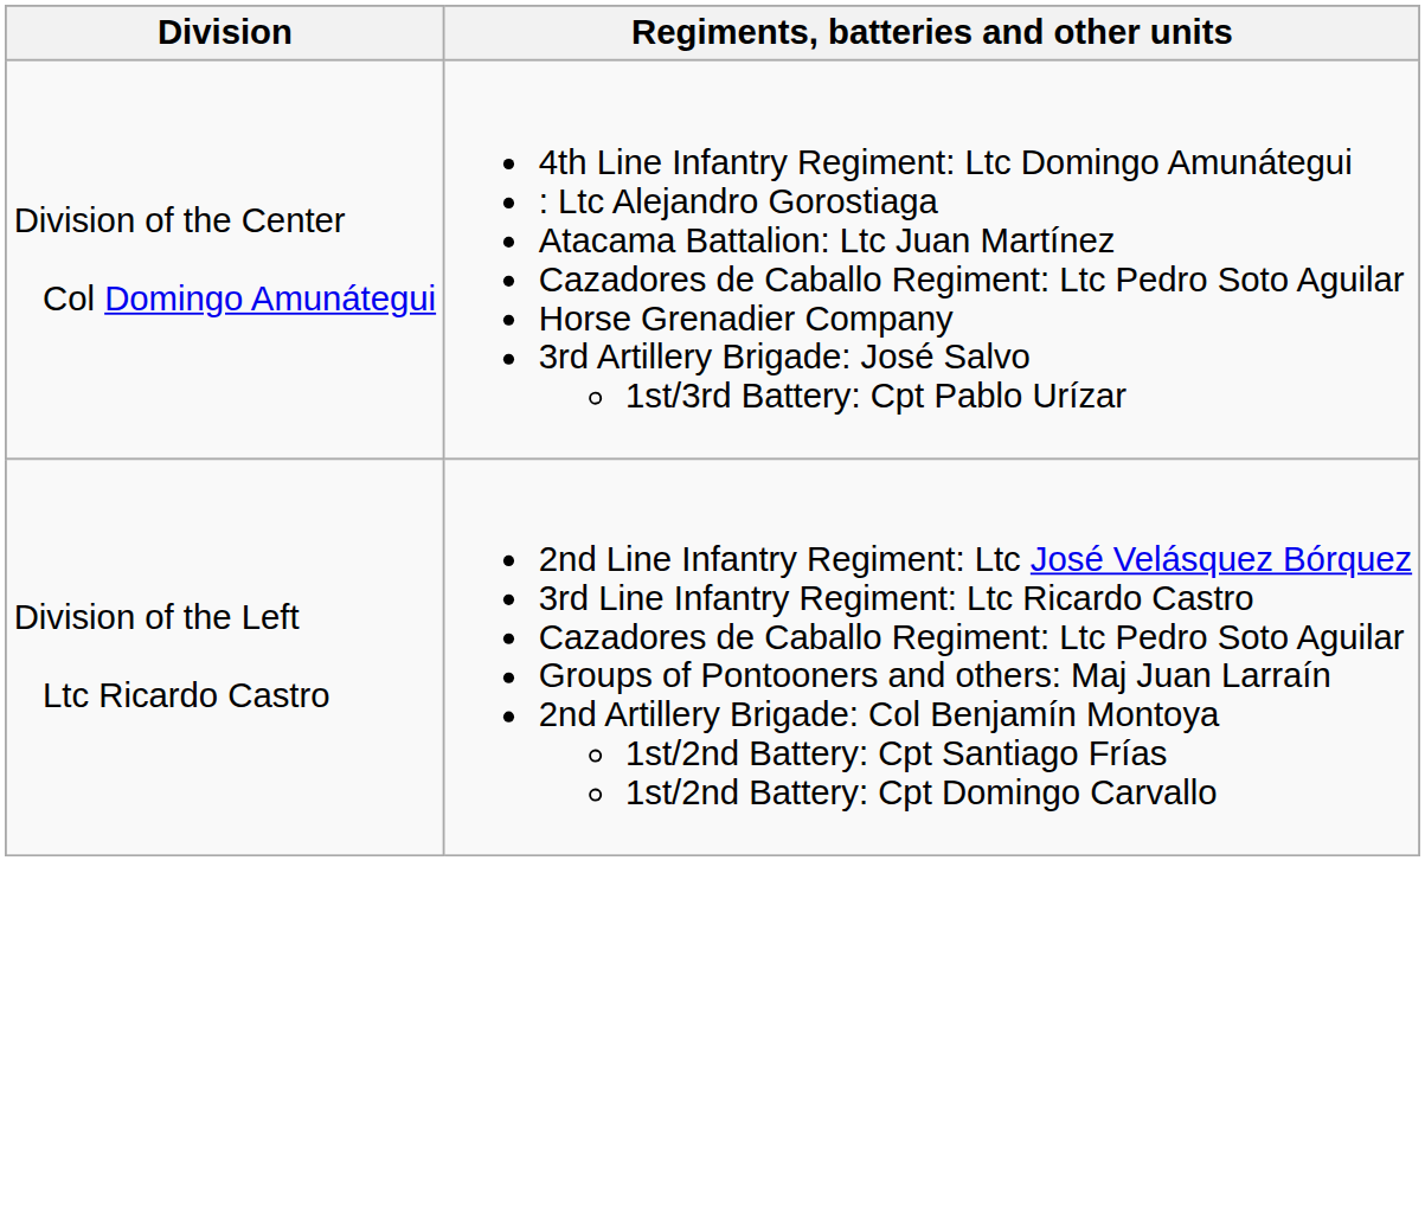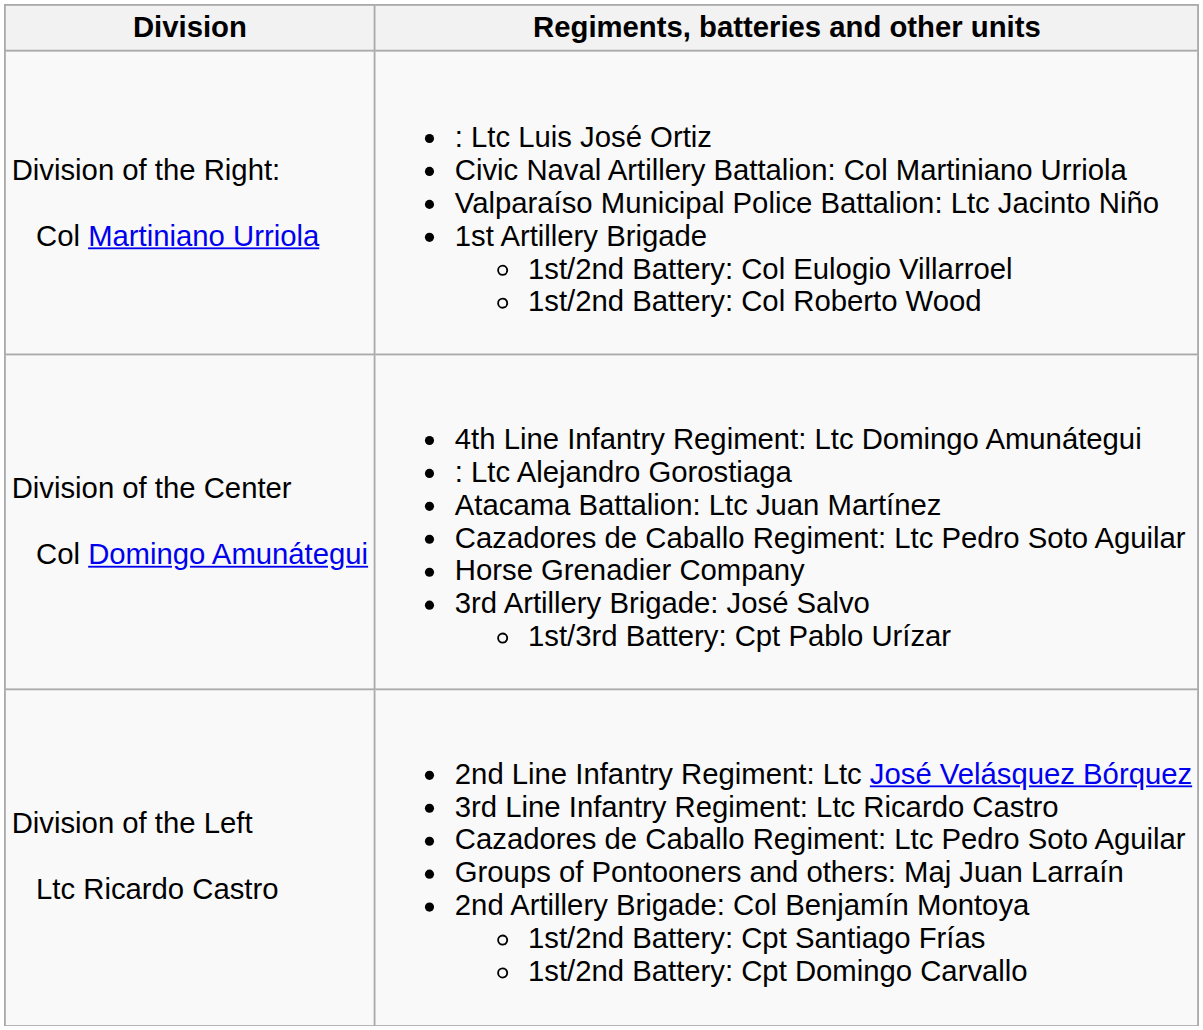 <table class="wikitable">
 <tr>
 <th><strong>Division</strong></th>
 <th><strong>Regiments, batteries and other units</strong></th>
+</tr>
+<tr>
+<td>Division of the Right:<br><br>   Col <a href='#'>Martiniano Urriola</a></td>
+<td><br><ul><li>: Ltc Luis José Ortiz</li><li>Civic Naval Artillery Battalion: Col Martiniano Urriola</li><li>Valparaíso Municipal Police Battalion: Ltc Jacinto Niño</li><li>1st Artillery Brigade<ul><li>1st/2nd Battery: Col Eulogio Villarroel</li><li>1st/2nd Battery: Col Roberto Wood</li></ul></li></ul></td>
 </tr>
 <tr>
 <td>Division of the Center<br><br>   Col <a href='#'>Domingo Amunátegui</a></td>
 <td><br><ul><li>4th Line Infantry Regiment: Ltc Domingo Amunátegui</li><li>: Ltc Alejandro Gorostiaga</li><li>Atacama Battalion: Ltc Juan Martínez</li><li>Cazadores de Caballo Regiment: Ltc Pedro Soto Aguilar</li><li>Horse Grenadier Company</li><li>3rd Artillery Brigade: José Salvo<ul><li>1st/3rd Battery: Cpt Pablo Urízar</li></ul></li></ul></td>
 </tr>
 <tr>
 <td>Division of the Left<br><br>   Ltc Ricardo Castro</td>
 <td><br><ul><li>2nd Line Infantry Regiment: Ltc <a href='#'>José Velásquez Bórquez</a></li><li>3rd Line Infantry Regiment: Ltc Ricardo Castro</li><li>Cazadores de Caballo Regiment: Ltc Pedro Soto Aguilar</li><li>Groups of Pontooners and others: Maj Juan Larraín</li><li>2nd Artillery Brigade: Col Benjamín Montoya<ul><li>1st/2nd Battery: Cpt Santiago Frías</li><li>1st/2nd Battery: Cpt Domingo Carvallo</li></ul></li></ul></td>
 </tr>
 </table>
